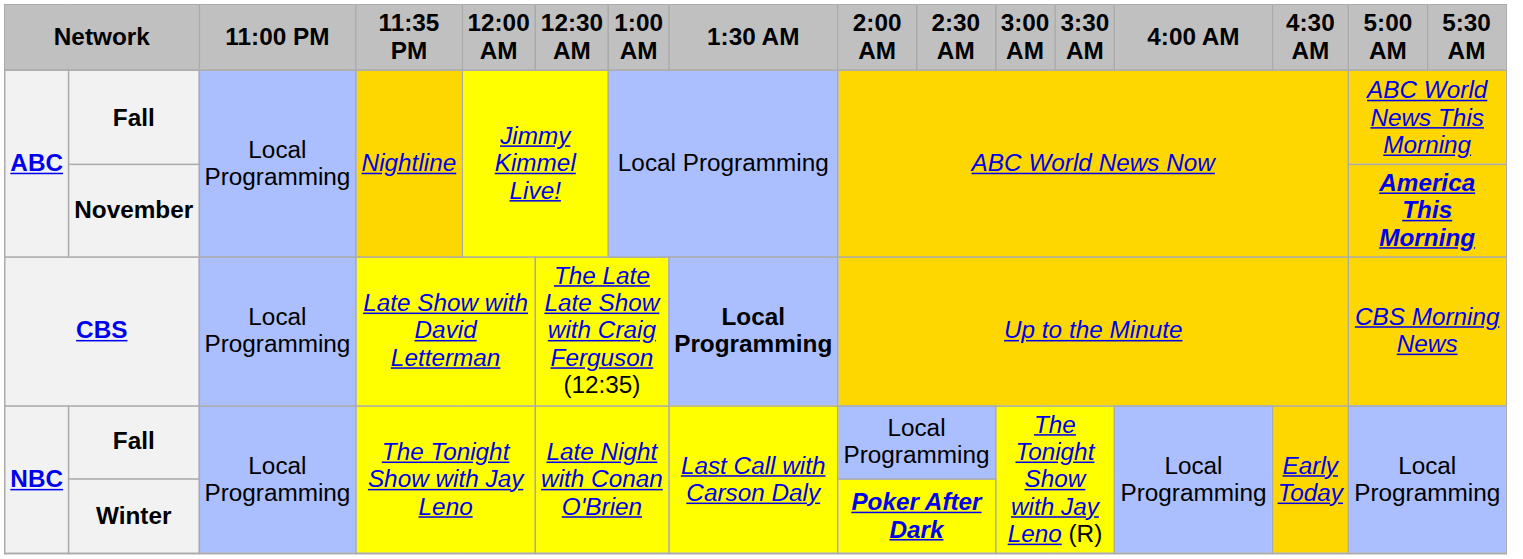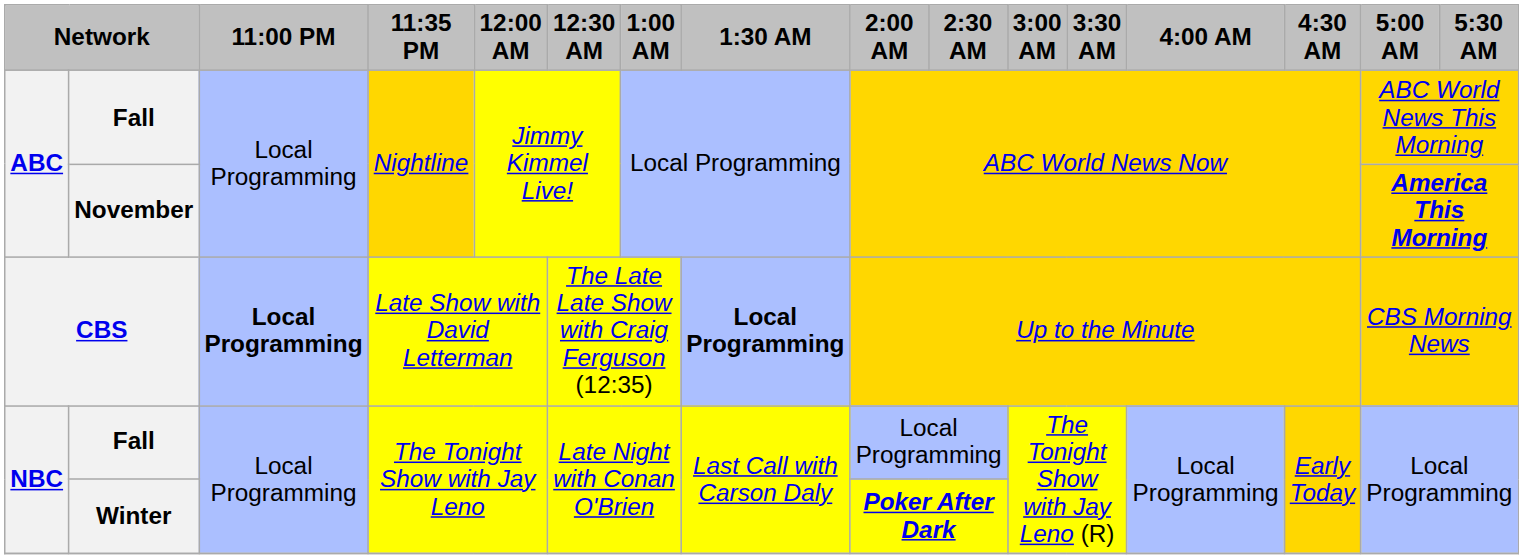 <table class="wikitable" style="width:100%;margin-right:0;text-align:center">
 <tr>
 <th colspan="2" style="background-color:#C0C0C0;text-align:center">Network</th>
 <th style="background-color:#C0C0C0;text-align:center">11:00 PM</th>
 <th style="background-color:#C0C0C0;text-align:center">11:35 PM</th>
 <th style="background-color:#C0C0C0;text-align:center">12:00 AM</th>
 <th style="background-color:#C0C0C0;text-align:center">12:30 AM</th>
 <th style="background-color:#C0C0C0;text-align:center">1:00 AM</th>
 <th style="background-color:#C0C0C0;text-align:center">1:30 AM</th>
 <th style="background-color:#C0C0C0;text-align:center">2:00 AM</th>
 <th style="background-color:#C0C0C0;text-align:center">2:30 AM</th>
 <th style="background-color:#C0C0C0;text-align:center">3:00 AM</th>
 <th style="background-color:#C0C0C0;text-align:center">3:30 AM</th>
 <th style="background-color:#C0C0C0;text-align:center">4:00 AM</th>
 <th style="background-color:#C0C0C0;text-align:center">4:30 AM</th>
 <th style="background-color:#C0C0C0;text-align:center">5:00 AM</th>
 <th style="background-color:#C0C0C0;text-align:center">5:30 AM</th>
 </tr>
 <tr>
 <th rowspan="2"><a href='#'>ABC</a></th>
 <th>Fall</th>
 <td rowspan="2" style="background:#abbfff">Local Programming</td>
 <td rowspan="2" style="background:gold"><em><a href='#'>Nightline</a></em></td>
 <td rowspan="2" colspan="2" style="background:yellow"><em><a href='#'>Jimmy Kimmel Live!</a></em></td>
 <td rowspan="2" colspan="2" style="background:#abbfff">Local Programming</td>
 <td rowspan="2" colspan="6" style="background:gold"><em><a href='#'>ABC World News Now</a></em></td>
 <td colspan="2" style="background:gold"><em><a href='#'>ABC World News This Morning</a></em></td>
 </tr>
 <tr>
 <th>November</th>
 <td colspan="2" style="background:gold"><strong><em><a href='#'>America This Morning</a></em></strong></td>
 </tr>
 <tr>
 <th colspan="2"><a href='#'>CBS</a></th>
-<td colspan="1" style="background:#abbfff">Local Programming</td>
+<td colspan="1" style="background:#abbfff"><strong>Local Programming</strong></td>
 <td colspan="2" style="background:yellow"><em><a href='#'>Late Show with David Letterman</a></em></td>
 <td colspan="2" style="background:yellow"><em><a href='#'>The Late Late Show with Craig Ferguson</a></em> (12:35)</td>
 <td colspan="1" style="background:#abbfff"><strong>Local Programming</strong></td>
 <td colspan="6" style="background:gold"><em><a href='#'>Up to the Minute</a></em></td>
 <td colspan="2" style="background:gold"><em><a href='#'>CBS Morning News</a></em></td>
 </tr>
 <tr>
 <th colspan="1" rowspan="2"><a href='#'>NBC</a></th>
 <th>Fall</th>
 <td colspan="1" rowspan ="2" style="background:#abbfff">Local Programming</td>
 <td colspan="2" rowspan ="2" style="background:yellow"><em><a href='#'>The Tonight Show with Jay Leno</a></em></td>
 <td colspan="2" rowspan ="2" style="background:yellow"><em><a href='#'>Late Night with Conan O'Brien</a></em></td>
 <td colspan="1" rowspan ="2" style="background:yellow"><em><a href='#'>Last Call with Carson Daly</a></em></td>
 <td colspan="2" style="background:#abbfff">Local Programming</td>
 <td colspan="2" rowspan ="2" style="background:yellow"><em><a href='#'>The Tonight Show with Jay Leno</a></em> (R)</td>
 <td colspan="1" rowspan ="2" style="background:#abbfff">Local Programming</td>
 <td colspan="1" rowspan ="2" style="background:gold"><em><a href='#'>Early Today</a></em></td>
 <td colspan="2" rowspan ="2" style="background:#abbfff">Local Programming</td>
 </tr>
 <tr>
 <th>Winter</th>
 <td colspan="2" style="background:yellow"><strong><em><a href='#'>Poker After Dark</a></em></strong></td>
 </tr>
 <tr>
 </tr>
 </table>
